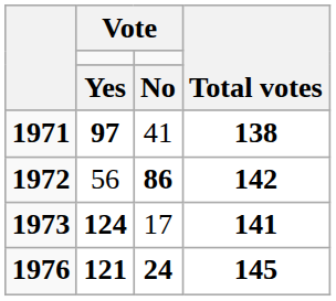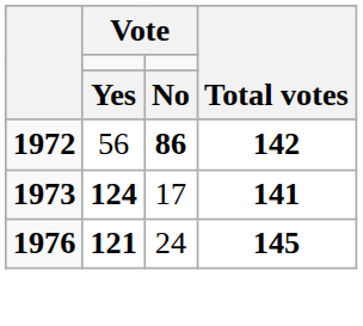 <table class=wikitable style="text-align:center">
 <tr style="vertical-align:bottom;">
 <th rowspan=3></th>
 <th colspan=2>Vote</th>
 <th rowspan=3>Total votes</th>
 </tr>
 <tr style="height:5px">
 <td style="background-color:"></td>
 <td style="background-color:"></td>
 </tr>
 <tr style="vertical-align:bottom;">
 <th>Yes</th>
 <th>No</th>
-</tr>
-<tr>
-<td><strong>1971</strong></td>
-<td style="background:#fff;"><strong>97</strong></td>
-<td style="background:#fff;">41</td>
-<td style="background:#fff;"><strong>138</strong></td>
 </tr>
 <tr>
 <td><strong>1972</strong></td>
 <td style="background:#fff;">56</td>
 <td style="background:#fff;"><strong>86</strong></td>
 <td style="background:#fff;"><strong>142</strong></td>
 </tr>
 <tr>
 <td><strong>1973</strong></td>
 <td style="background:#fff;"><strong>124</strong></td>
 <td style="background:#fff;">17</td>
 <td style="background:#fff;"><strong>141</strong></td>
 </tr>
 <tr>
 <td><strong>1976</strong></td>
 <td style="background:#fff;"><strong>121</strong></td>
-<td style="background:#fff;"><strong>24</strong></td>
+<td style="background:#fff;">24</td>
 <td style="background:#fff;"><strong>145</strong></td>
 </tr>
 </table>
